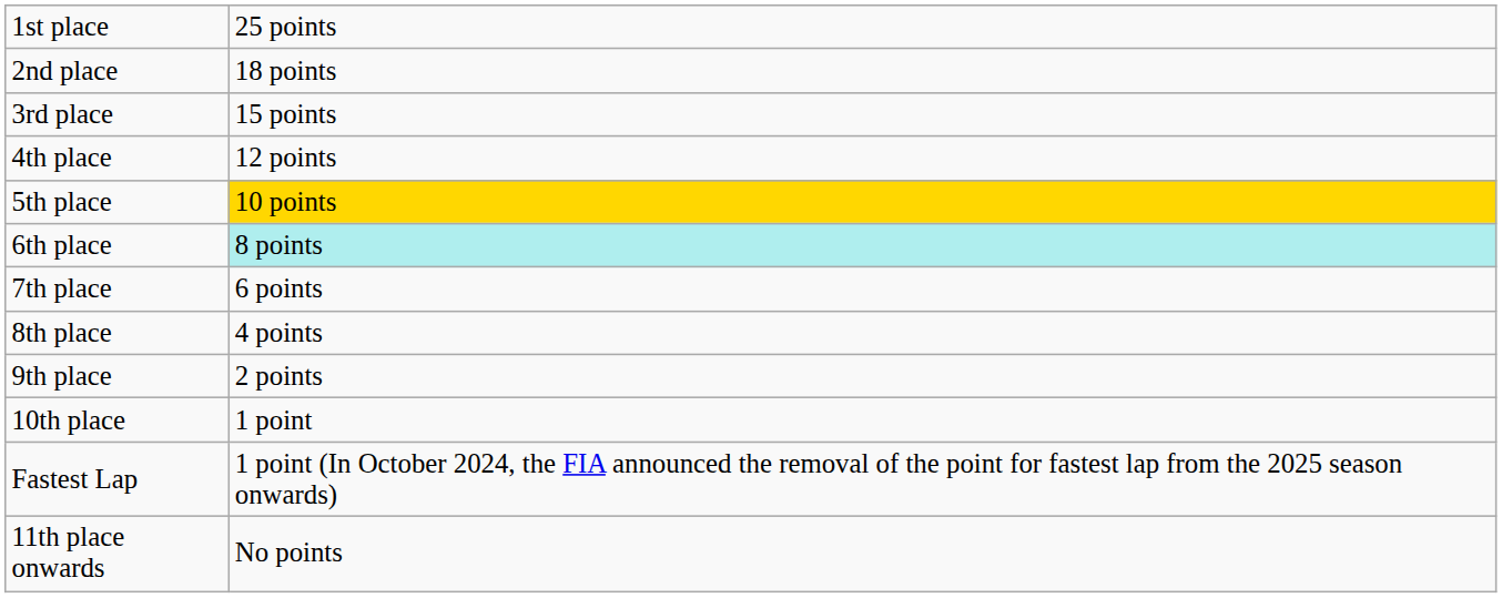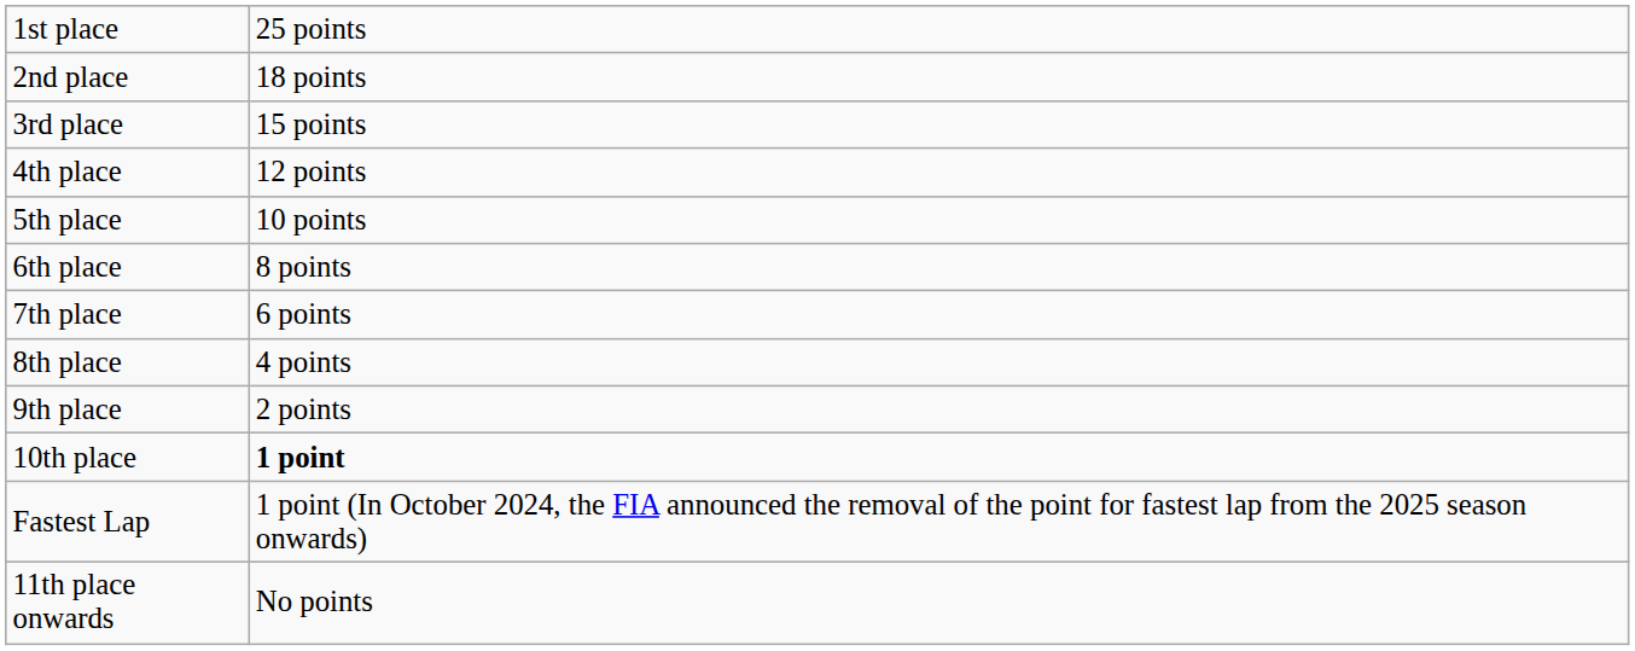 <table class="wikitable">
 <tr>
 <td>1st place</td>
 <td>25 points</td>
 </tr>
 <tr>
 <td>2nd place</td>
 <td>18 points</td>
 </tr>
 <tr>
 <td>3rd place</td>
 <td>15 points</td>
 </tr>
 <tr>
 <td>4th place</td>
 <td>12 points</td>
 </tr>
 <tr>
 <td>5th place</td>
-<td style="background: gold;">10 points</td>
+<td>10 points</td>
 </tr>
 <tr>
 <td>6th place</td>
-<td style="background: paleturquoise;">8 points</td>
+<td>8 points</td>
 </tr>
 <tr>
 <td>7th place</td>
 <td>6 points</td>
 </tr>
 <tr>
 <td>8th place</td>
 <td>4 points</td>
 </tr>
 <tr>
 <td>9th place</td>
 <td>2 points</td>
 </tr>
 <tr>
 <td>10th place</td>
-<td>1 point</td>
+<td><strong>1 point</strong></td>
 </tr>
 <tr>
 <td>Fastest Lap</td>
 <td>1 point (In October 2024, the <a href='#'>FIA</a> announced the removal of the point for fastest lap from the 2025 season onwards)</td>
 </tr>
 <tr>
 <td>11th place onwards</td>
 <td>No points</td>
 </tr>
 </table>
